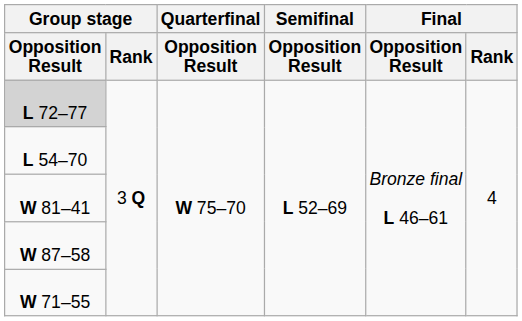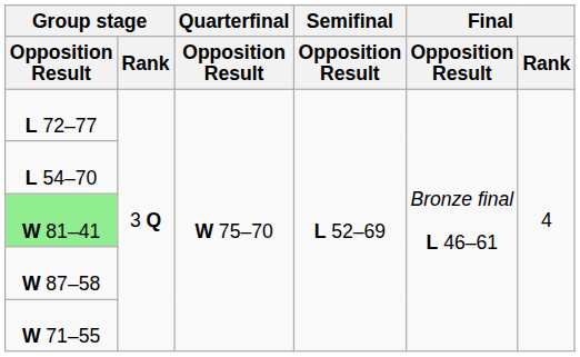 <table class=wikitable style="font-size:90%">
 <tr>
 <th colspan="2">Group stage</th>
 <th>Quarterfinal</th>
 <th>Semifinal</th>
 <th colspan="2">Final</th>
 </tr>
 <tr>
 <th>Opposition<br>Result</th>
 <th>Rank</th>
 <th>Opposition<br>Result</th>
 <th>Opposition<br>Result</th>
 <th>Opposition<br>Result</th>
 <th>Rank</th>
 </tr>
 <tr>
-<td align="center" style="background: lightgrey;"><br><strong>L</strong> 72–77</td>
+<td align="center"><br><strong>L</strong> 72–77</td>
 <td align="center" rowspan="5">3 <strong>Q</strong></td>
 <td align="center" rowspan="5"><br><strong>W</strong> 75–70</td>
 <td align="center" rowspan="5"><br><strong>L</strong> 52–69</td>
 <td align="center" rowspan="5"><em>Bronze final</em><br><br><strong>L</strong> 46–61</td>
 <td align="center" rowspan="5">4</td>
 </tr>
 <tr>
 <td align="center"><br><strong>L</strong> 54–70</td>
 </tr>
 <tr>
-<td align="center"><br><strong>W</strong> 81–41</td>
+<td align="center" style="background: lightgreen;"><br><strong>W</strong> 81–41</td>
 </tr>
 <tr>
 <td align="center"><br><strong>W</strong> 87–58</td>
 </tr>
 <tr>
 <td align="center"><br><strong>W</strong> 71–55</td>
 </tr>
 </table>
